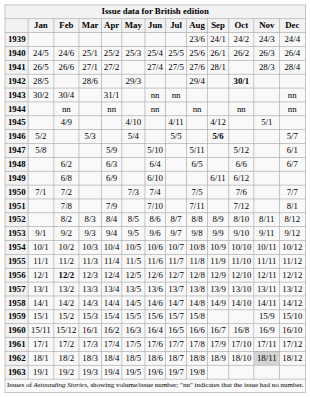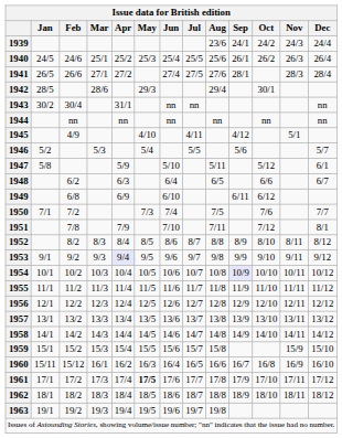 <table class="wikitable collapsible collapsed" style="font-size: 10pt; line-height: 11pt; margin-left: 2em; text-align: center; float: right">
 <tr>
 <th colspan="13">Issue data for British edition</th>
 </tr>
 <tr>
 <th></th>
 <th>Jan</th>
 <th>Feb</th>
 <th>Mar</th>
 <th>Apr</th>
 <th>May</th>
 <th>Jun</th>
 <th>Jul</th>
 <th>Aug</th>
 <th>Sep</th>
 <th>Oct</th>
 <th>Nov</th>
 <th>Dec</th>
 </tr>
 <tr>
 <th>1939</th>
 <td></td>
 <td></td>
 <td></td>
 <td></td>
 <td></td>
 <td></td>
 <td></td>
 <td>23/6</td>
 <td>24/1</td>
 <td>24/2</td>
 <td>24/3</td>
 <td>24/4</td>
 </tr>
 <tr>
 <th>1940</th>
 <td>24/5</td>
 <td>24/6</td>
 <td>25/1</td>
 <td>25/2</td>
 <td>25/3</td>
 <td>25/4</td>
 <td>25/5</td>
 <td>25/6</td>
 <td>26/1</td>
 <td>26/2</td>
 <td>26/3</td>
 <td>26/4</td>
 </tr>
 <tr>
 <th>1941</th>
 <td>26/5</td>
 <td>26/6</td>
 <td>27/1</td>
 <td>27/2</td>
 <td></td>
 <td>27/4</td>
 <td>27/5</td>
 <td>27/6</td>
 <td>28/1</td>
 <td></td>
 <td>28/3</td>
 <td>28/4</td>
 </tr>
 <tr>
 <th>1942</th>
 <td>28/5</td>
 <td></td>
 <td>28/6</td>
 <td></td>
 <td>29/3</td>
 <td></td>
 <td></td>
 <td>29/4</td>
 <td></td>
-<td><strong>30/1</strong></td>
+<td>30/1</td>
 <td></td>
 <td></td>
 </tr>
 <tr>
 <th>1943</th>
 <td>30/2</td>
 <td>30/4</td>
 <td></td>
 <td>31/1</td>
 <td></td>
 <td>nn</td>
 <td>nn</td>
 <td></td>
 <td></td>
 <td></td>
 <td></td>
 <td>nn</td>
 </tr>
 <tr>
 <th>1944</th>
 <td></td>
 <td>nn</td>
 <td></td>
 <td>nn</td>
 <td></td>
 <td>nn</td>
 <td></td>
 <td>nn</td>
 <td></td>
 <td>nn</td>
 <td></td>
 <td>nn</td>
 </tr>
 <tr>
 <th>1945</th>
 <td></td>
 <td>4/9</td>
 <td></td>
 <td></td>
 <td>4/10</td>
 <td></td>
 <td>4/11</td>
 <td></td>
 <td>4/12</td>
 <td></td>
 <td>5/1</td>
 <td></td>
 </tr>
 <tr>
 <th>1946</th>
 <td>5/2</td>
 <td></td>
 <td>5/3</td>
 <td></td>
 <td>5/4</td>
 <td></td>
 <td>5/5</td>
 <td></td>
-<td><strong>5/6</strong></td>
+<td>5/6</td>
 <td></td>
 <td></td>
 <td>5/7</td>
 </tr>
 <tr>
 <th>1947</th>
 <td>5/8</td>
 <td></td>
 <td></td>
 <td>5/9</td>
 <td></td>
 <td>5/10</td>
 <td></td>
 <td>5/11</td>
 <td></td>
 <td>5/12</td>
 <td></td>
 <td>6/1</td>
 </tr>
 <tr>
 <th>1948</th>
 <td></td>
 <td>6/2</td>
 <td></td>
 <td>6/3</td>
 <td></td>
 <td>6/4</td>
 <td></td>
 <td>6/5</td>
 <td></td>
 <td>6/6</td>
 <td></td>
 <td>6/7</td>
 </tr>
 <tr>
 <th>1949</th>
 <td></td>
 <td>6/8</td>
 <td></td>
 <td>6/9</td>
 <td></td>
 <td>6/10</td>
 <td></td>
 <td></td>
 <td>6/11</td>
 <td>6/12</td>
 <td></td>
 <td></td>
 </tr>
 <tr>
 <th>1950</th>
 <td>7/1</td>
 <td>7/2</td>
 <td></td>
 <td></td>
 <td>7/3</td>
 <td>7/4</td>
 <td></td>
 <td>7/5</td>
 <td></td>
 <td>7/6</td>
 <td></td>
 <td>7/7</td>
 </tr>
 <tr>
 <th>1951</th>
 <td></td>
 <td>7/8</td>
 <td></td>
 <td>7/9</td>
 <td></td>
 <td>7/10</td>
 <td></td>
 <td>7/11</td>
 <td></td>
 <td>7/12</td>
 <td></td>
 <td>8/1</td>
 </tr>
 <tr>
 <th>1952</th>
 <td></td>
 <td>8/2</td>
 <td>8/3</td>
 <td>8/4</td>
 <td>8/5</td>
 <td>8/6</td>
 <td>8/7</td>
 <td>8/8</td>
 <td>8/9</td>
 <td>8/10</td>
 <td>8/11</td>
 <td>8/12</td>
 </tr>
 <tr>
 <th>1953</th>
 <td>9/1</td>
 <td>9/2</td>
 <td>9/3</td>
-<td>9/4</td>
+<td style="background: lavender;">9/4</td>
 <td>9/5</td>
 <td>9/6</td>
 <td>9/7</td>
 <td>9/8</td>
 <td>9/9</td>
 <td>9/10</td>
 <td>9/11</td>
 <td>9/12</td>
 </tr>
 <tr>
 <th>1954</th>
 <td>10/1</td>
 <td>10/2</td>
 <td>10/3</td>
 <td>10/4</td>
 <td>10/5</td>
 <td>10/6</td>
 <td>10/7</td>
 <td>10/8</td>
-<td>10/9</td>
+<td style="background: lavender;">10/9</td>
 <td>10/10</td>
 <td>10/11</td>
 <td>10/12</td>
 </tr>
 <tr>
 <th>1955</th>
 <td>11/1</td>
 <td>11/2</td>
 <td>11/3</td>
 <td>11/4</td>
 <td>11/5</td>
 <td>11/6</td>
 <td>11/7</td>
 <td>11/8</td>
 <td>11/9</td>
 <td>11/10</td>
 <td>11/11</td>
 <td>11/12</td>
 </tr>
 <tr>
 <th>1956</th>
 <td>12/1</td>
-<td><strong>12/2</strong></td>
+<td>12/2</td>
 <td>12/3</td>
 <td>12/4</td>
 <td>12/5</td>
 <td>12/6</td>
 <td>12/7</td>
 <td>12/8</td>
 <td>12/9</td>
 <td>12/10</td>
 <td>12/11</td>
 <td>12/12</td>
 </tr>
 <tr>
 <th>1957</th>
 <td>13/1</td>
 <td>13/2</td>
 <td>13/3</td>
 <td>13/4</td>
 <td>13/5</td>
 <td>13/6</td>
 <td>13/7</td>
 <td>13/8</td>
 <td>13/9</td>
 <td>13/10</td>
 <td>13/11</td>
 <td>13/12</td>
 </tr>
 <tr>
 <th>1958</th>
 <td>14/1</td>
 <td>14/2</td>
 <td>14/3</td>
 <td>14/4</td>
 <td>14/5</td>
 <td>14/6</td>
 <td>14/7</td>
 <td>14/8</td>
 <td>14/9</td>
 <td>14/10</td>
 <td>14/11</td>
 <td>14/12</td>
 </tr>
 <tr>
 <th>1959</th>
 <td>15/1</td>
 <td>15/2</td>
 <td>15/3</td>
 <td>15/4</td>
 <td>15/5</td>
 <td>15/6</td>
 <td>15/7</td>
 <td>15/8</td>
 <td></td>
 <td></td>
 <td>15/9</td>
 <td>15/10</td>
 </tr>
 <tr>
 <th>1960</th>
 <td>15/11</td>
 <td>15/12</td>
 <td>16/1</td>
 <td>16/2</td>
 <td>16/3</td>
 <td>16/4</td>
 <td>16/5</td>
 <td>16/6</td>
 <td>16/7</td>
 <td>16/8</td>
 <td>16/9</td>
 <td>16/10</td>
 </tr>
 <tr>
 <th>1961</th>
 <td>17/1</td>
 <td>17/2</td>
 <td>17/3</td>
 <td>17/4</td>
-<td>17/5</td>
+<td><strong>17/5</strong></td>
 <td>17/6</td>
 <td>17/7</td>
 <td>17/8</td>
 <td>17/9</td>
 <td>17/10</td>
 <td>17/11</td>
 <td>17/12</td>
 </tr>
 <tr>
 <th>1962</th>
 <td>18/1</td>
 <td>18/2</td>
 <td>18/3</td>
 <td>18/4</td>
 <td>18/5</td>
 <td>18/6</td>
 <td>18/7</td>
 <td>18/8</td>
 <td>18/9</td>
 <td>18/10</td>
-<td style="background: lightgrey;">18/11</td>
+<td>18/11</td>
 <td>18/12</td>
 </tr>
 <tr>
 <th>1963</th>
 <td>19/1</td>
 <td>19/2</td>
 <td>19/3</td>
 <td>19/4</td>
 <td>19/5</td>
 <td>19/6</td>
 <td>19/7</td>
 <td>19/8</td>
 <td></td>
 <td></td>
 <td></td>
 <td></td>
 </tr>
 <tr>
 <td colspan="13" style="font-size: 8pt; text-align:left">Issues of <em>Astounding Stories</em>, showing volume/issue number; "nn" indicates that the issue had no number.</td>
 </tr>
 </table>
